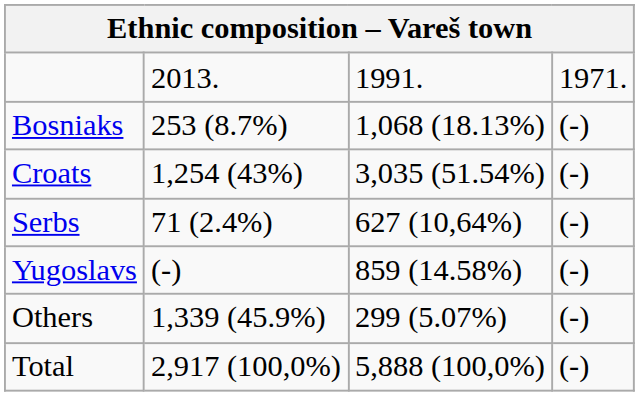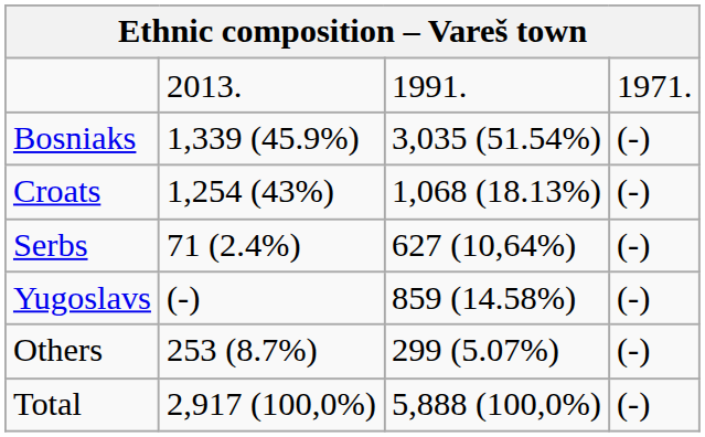 <table class="wikitable">
 <tr>
 <th colspan="8">Ethnic composition – Vareš town</th>
 </tr>
 <tr>
 <td></td>
 <td>2013.</td>
 <td>1991.</td>
 <td>1971.</td>
 </tr>
 <tr>
 <td><a href='#'>Bosniaks</a></td>
-<td>253 (8.7%)</td>
-<td>1,068 (18.13%)</td>
+<td>1,339 (45.9%)</td>
+<td>3,035 (51.54%)</td>
 <td>(-)</td>
 </tr>
 <tr>
 <td><a href='#'>Croats</a></td>
 <td>1,254 (43%)</td>
-<td>3,035 (51.54%)</td>
+<td>1,068 (18.13%)</td>
 <td>(-)</td>
 </tr>
 <tr>
 <td><a href='#'>Serbs</a></td>
 <td>71 (2.4%)</td>
 <td>627 (10,64%)</td>
 <td>(-)</td>
 </tr>
 <tr>
 <td><a href='#'>Yugoslavs</a></td>
 <td>(-)</td>
 <td>859 (14.58%)</td>
 <td>(-)</td>
 </tr>
 <tr>
 <td>Others</td>
-<td>1,339 (45.9%)</td>
+<td>253 (8.7%)</td>
 <td>299 (5.07%)</td>
 <td>(-)</td>
 </tr>
 <tr>
 <td>Total</td>
 <td>2,917 (100,0%)</td>
 <td>5,888 (100,0%)</td>
 <td>(-)</td>
 </tr>
 </table>
